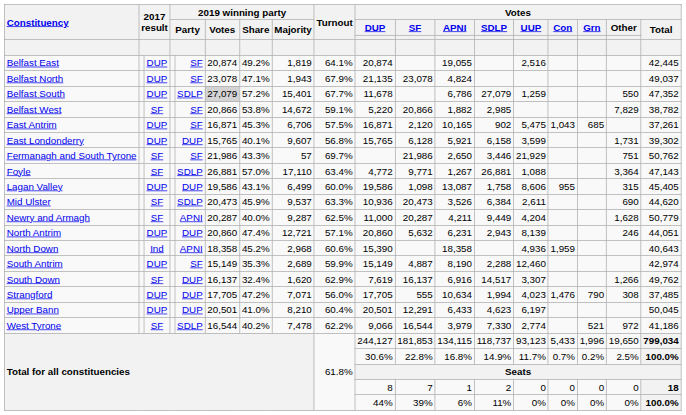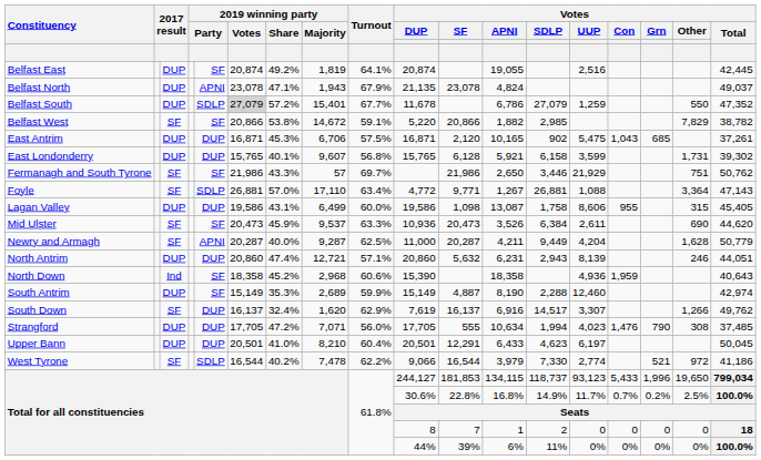 <table class="wikitable sortable sticky-header-multi" style="text-align:right; font-size:85%">
 <tr>
 <th rowspan="3" scope="col" style="text-align:left;"><a href='#'>Constituency</a></th>
 <th colspan="2" rowspan="3" scope="col">2017<br>result</th>
 <th colspan="5">2019 winning party</th>
 <th rowspan="3" scope="col">Turnout</th>
 <th colspan="9" scope="col">Votes</th>
 </tr>
 <tr>
 <th colspan="2" rowspan="2">Party</th>
 <th rowspan="2" scope="col">Votes</th>
 <th rowspan="2" scope="col">Share</th>
 <th rowspan="2" scope="col">Majority</th>
 <th scope="col"><a href='#'>DUP</a></th>
 <th scope="col"><a href='#'>SF</a></th>
 <th scope="col"><a href='#'>APNI</a></th>
 <th scope="col"><a href='#'>SDLP</a></th>
 <th scope="col"><a href='#'>UUP</a></th>
 <th scope="col"><a href='#'>Con</a></th>
 <th scope="col"><a href='#'>Grn</a></th>
 <th scope="col">Other</th>
 <th rowspan="2" scope="col">Total</th>
 </tr>
 <tr>
 <th scope="col" style="background:"></th>
 <th scope="col" style="background:"></th>
 <th scope="col" style="background:"></th>
 <th scope="col" style="background:"></th>
 <th scope="col" style="background:"></th>
 <th scope="col" style="background:"></th>
 <th scope="col" style="background:"></th>
 <th></th>
 </tr>
 <tr>
 <th><br></th>
 <th colspan="2"></th>
 <th colspan="2"></th>
 <th></th>
 <th></th>
 <th></th>
 <th></th>
 <th></th>
 <th></th>
 <th></th>
 <th></th>
 <th></th>
 <th></th>
 <th></th>
 <th></th>
 <th></th>
 </tr>
 <tr>
 <td style="text-align:left;"><a href='#'>Belfast East</a></td>
 <td style="background:"></td>
 <td style="text-align:center;"><a href='#'>DUP</a></td>
 <td style="background:"></td>
 <td><a href='#'>SF</a></td>
 <td>20,874</td>
 <td>49.2%</td>
 <td>1,819</td>
 <td>64.1%</td>
 <td>20,874</td>
 <td></td>
 <td>19,055</td>
 <td></td>
 <td>2,516</td>
 <td></td>
 <td></td>
 <td></td>
 <td>42,445</td>
 </tr>
 <tr>
 <td style="text-align:left;"><a href='#'>Belfast North</a></td>
 <td style="background:"></td>
 <td style="text-align:center;"><a href='#'>DUP</a></td>
 <td style="background:"></td>
-<td><a href='#'>SF</a></td>
+<td><a href='#'>APNI</a></td>
 <td>23,078</td>
 <td>47.1%</td>
 <td>1,943</td>
 <td>67.9%</td>
 <td>21,135</td>
 <td>23,078</td>
 <td>4,824</td>
 <td></td>
 <td></td>
 <td></td>
 <td></td>
 <td></td>
 <td>49,037</td>
 </tr>
 <tr>
 <td style="text-align:left;"><a href='#'>Belfast South</a></td>
 <td style="background:"></td>
 <td style="text-align:center;"><a href='#'>DUP</a></td>
 <td style="background:"></td>
 <td><a href='#'>SDLP</a></td>
 <td style="background: lightgrey;">27,079</td>
 <td>57.2%</td>
 <td>15,401</td>
 <td>67.7%</td>
 <td>11,678</td>
 <td></td>
 <td>6,786</td>
 <td>27,079</td>
 <td>1,259</td>
 <td></td>
 <td></td>
 <td>550</td>
 <td>47,352</td>
 </tr>
 <tr>
 <td style="text-align:left;"><a href='#'>Belfast West</a></td>
 <td style="background:"></td>
 <td style="text-align:center;"><a href='#'>SF</a></td>
 <td style="background:"></td>
 <td><a href='#'>SF</a></td>
 <td>20,866</td>
 <td>53.8%</td>
 <td>14,672</td>
 <td>59.1%</td>
 <td>5,220</td>
 <td>20,866</td>
 <td>1,882</td>
 <td>2,985</td>
 <td></td>
 <td></td>
 <td></td>
 <td>7,829</td>
 <td>38,782</td>
 </tr>
 <tr>
 <td style="text-align:left;"><a href='#'>East Antrim</a></td>
 <td style="background:"></td>
 <td style="text-align:center;"><a href='#'>DUP</a></td>
 <td style="background:"></td>
-<td><a href='#'>SF</a></td>
+<td><a href='#'>DUP</a></td>
 <td>16,871</td>
 <td>45.3%</td>
 <td>6,706</td>
 <td>57.5%</td>
 <td>16,871</td>
 <td>2,120</td>
 <td>10,165</td>
 <td>902</td>
 <td>5,475</td>
 <td>1,043</td>
 <td>685</td>
 <td></td>
 <td>37,261</td>
 </tr>
 <tr>
 <td style="text-align:left;"><a href='#'>East Londonderry</a></td>
 <td style="background:"></td>
 <td style="text-align:center;"><a href='#'>DUP</a></td>
 <td style="background:"></td>
 <td><a href='#'>DUP</a></td>
 <td>15,765</td>
 <td>40.1%</td>
 <td>9,607</td>
 <td>56.8%</td>
 <td>15,765</td>
 <td>6,128</td>
 <td>5,921</td>
 <td>6,158</td>
 <td>3,599</td>
 <td></td>
 <td></td>
 <td>1,731</td>
 <td>39,302</td>
 </tr>
 <tr>
 <td style="text-align:left;"><a href='#'>Fermanagh and South Tyrone</a></td>
 <td style="background:"></td>
 <td style="text-align:center;"><a href='#'>SF</a></td>
 <td style="background:"></td>
 <td><a href='#'>SF</a></td>
 <td>21,986</td>
 <td>43.3%</td>
 <td>57</td>
 <td>69.7%</td>
 <td></td>
 <td>21,986</td>
 <td>2,650</td>
 <td>3,446</td>
 <td>21,929</td>
 <td></td>
 <td></td>
 <td>751</td>
 <td>50,762</td>
 </tr>
 <tr>
 <td style="text-align:left;"><a href='#'>Foyle</a></td>
 <td style="background:"></td>
 <td style="text-align:center;"><a href='#'>SF</a></td>
 <td style="background:"></td>
 <td><a href='#'>SDLP</a></td>
 <td>26,881</td>
 <td>57.0%</td>
 <td>17,110</td>
 <td>63.4%</td>
 <td>4,772</td>
 <td>9,771</td>
 <td>1,267</td>
 <td>26,881</td>
 <td>1,088</td>
 <td></td>
 <td></td>
 <td>3,364</td>
 <td>47,143</td>
 </tr>
 <tr>
 <td style="text-align:left;"><a href='#'>Lagan Valley</a></td>
 <td style="background:"></td>
 <td style="text-align:center;"><a href='#'>DUP</a></td>
 <td style="background:"></td>
 <td><a href='#'>DUP</a></td>
 <td>19,586</td>
 <td>43.1%</td>
 <td>6,499</td>
 <td>60.0%</td>
 <td>19,586</td>
 <td>1,098</td>
 <td>13,087</td>
 <td>1,758</td>
 <td>8,606</td>
 <td>955</td>
 <td></td>
 <td>315</td>
 <td>45,405</td>
 </tr>
 <tr>
 <td style="text-align:left;"><a href='#'>Mid Ulster</a></td>
 <td style="background:"></td>
 <td style="text-align:center;"><a href='#'>SF</a></td>
 <td style="background:"></td>
-<td><a href='#'>SDLP</a></td>
+<td><a href='#'>SF</a></td>
 <td>20,473</td>
 <td>45.9%</td>
 <td>9,537</td>
 <td>63.3%</td>
 <td>10,936</td>
 <td>20,473</td>
 <td>3,526</td>
 <td>6,384</td>
 <td>2,611</td>
 <td></td>
 <td></td>
 <td>690</td>
 <td>44,620</td>
 </tr>
 <tr>
 <td style="text-align:left;"><a href='#'>Newry and Armagh</a></td>
 <td style="background:"></td>
 <td style="text-align:center;"><a href='#'>SF</a></td>
 <td style="background:"></td>
 <td><a href='#'>APNI</a></td>
 <td>20,287</td>
 <td>40.0%</td>
 <td>9,287</td>
 <td>62.5%</td>
 <td>11,000</td>
 <td>20,287</td>
 <td>4,211</td>
 <td>9,449</td>
 <td>4,204</td>
 <td></td>
 <td></td>
 <td>1,628</td>
 <td>50,779</td>
 </tr>
 <tr>
 <td style="text-align:left;"><a href='#'>North Antrim</a></td>
 <td style="background:"></td>
 <td style="text-align:center;"><a href='#'>DUP</a></td>
 <td style="background:"></td>
 <td><a href='#'>DUP</a></td>
 <td>20,860</td>
 <td>47.4%</td>
 <td>12,721</td>
 <td>57.1%</td>
 <td>20,860</td>
 <td>5,632</td>
 <td>6,231</td>
 <td>2,943</td>
 <td>8,139</td>
 <td></td>
 <td></td>
 <td>246</td>
 <td>44,051</td>
 </tr>
 <tr>
 <td style="text-align:left;"><a href='#'>North Down</a></td>
 <td style="background:"></td>
 <td style="text-align:center;"><a href='#'>Ind</a></td>
 <td style="background:"></td>
-<td><a href='#'>APNI</a></td>
+<td><a href='#'>SF</a></td>
 <td>18,358</td>
 <td>45.2%</td>
 <td>2,968</td>
 <td>60.6%</td>
 <td>15,390</td>
 <td></td>
 <td>18,358</td>
 <td></td>
 <td>4,936</td>
 <td>1,959</td>
 <td></td>
 <td></td>
 <td>40,643</td>
 </tr>
 <tr>
 <td style="text-align:left;"><a href='#'>South Antrim</a></td>
 <td style="background:"></td>
 <td style="text-align:center;"><a href='#'>DUP</a></td>
 <td style="background:"></td>
 <td><a href='#'>SF</a></td>
 <td>15,149</td>
 <td>35.3%</td>
 <td>2,689</td>
 <td>59.9%</td>
 <td>15,149</td>
 <td>4,887</td>
 <td>8,190</td>
 <td>2,288</td>
 <td>12,460</td>
 <td></td>
 <td></td>
 <td></td>
 <td>42,974</td>
 </tr>
 <tr>
 <td style="text-align:left;"><a href='#'>South Down</a></td>
 <td style="background:"></td>
 <td style="text-align:center;"><a href='#'>SF</a></td>
 <td style="background:"></td>
 <td><a href='#'>DUP</a></td>
 <td>16,137</td>
 <td>32.4%</td>
 <td>1,620</td>
 <td>62.9%</td>
 <td>7,619</td>
 <td>16,137</td>
 <td>6,916</td>
 <td>14,517</td>
 <td>3,307</td>
 <td></td>
 <td></td>
 <td>1,266</td>
 <td>49,762</td>
 </tr>
 <tr>
 <td style="text-align:left;"><a href='#'>Strangford</a></td>
 <td style="background:"></td>
 <td style="text-align:center;"><a href='#'>DUP</a></td>
 <td style="background:"></td>
 <td><a href='#'>DUP</a></td>
 <td>17,705</td>
 <td>47.2%</td>
 <td>7,071</td>
 <td>56.0%</td>
 <td>17,705</td>
 <td>555</td>
 <td>10,634</td>
 <td>1,994</td>
 <td>4,023</td>
 <td>1,476</td>
 <td>790</td>
 <td>308</td>
 <td>37,485</td>
 </tr>
 <tr>
 <td style="text-align:left;"><a href='#'>Upper Bann</a></td>
 <td style="background:"></td>
 <td style="text-align:center;"><a href='#'>DUP</a></td>
 <td style="background:"></td>
 <td><a href='#'>DUP</a></td>
 <td>20,501</td>
 <td>41.0%</td>
 <td>8,210</td>
 <td>60.4%</td>
 <td>20,501</td>
 <td>12,291</td>
 <td>6,433</td>
 <td>4,623</td>
 <td>6,197</td>
 <td></td>
 <td></td>
 <td></td>
 <td>50,045</td>
 </tr>
 <tr>
 <td style="text-align:left;"><a href='#'>West Tyrone</a></td>
 <td style="background:"></td>
 <td style="text-align:center;"><a href='#'>SF</a></td>
 <td style="background:"></td>
 <td><a href='#'>SDLP</a></td>
 <td>16,544</td>
 <td>40.2%</td>
 <td>7,478</td>
 <td>62.2%</td>
 <td>9,066</td>
 <td>16,544</td>
 <td>3,979</td>
 <td>7,330</td>
 <td>2,774</td>
 <td></td>
 <td>521</td>
 <td>972</td>
 <td>41,186</td>
 </tr>
 <tr class="sortbottom">
 <th colspan="8" rowspan="5" scope="col" style="text-align:left;">Total for all constituencies</th>
 <td rowspan="5" style="text-align:right;">61.8%</td>
 <td>244,127</td>
 <td>181,853</td>
 <td>134,115</td>
 <td>118,737</td>
 <td>93,123</td>
 <td>5,433</td>
 <td>1,996</td>
 <td>19,650</td>
 <th scope="col" style="text-align:right;">799,034</th>
 </tr>
 <tr class="sortbottom">
 <td>30.6%</td>
 <td>22.8%</td>
 <td>16.8%</td>
 <td>14.9%</td>
 <td>11.7%</td>
 <td>0.7%</td>
 <td>0.2%</td>
 <td>2.5%</td>
 <th scope="col" style="text-align:right;">100.0%</th>
 </tr>
 <tr class="sortbottom">
 <th colspan="9" scope="col">Seats</th>
 </tr>
 <tr class="sortbottom">
 <td>8</td>
 <td>7</td>
 <td>1</td>
 <td>2</td>
 <td>0</td>
 <td>0</td>
 <td>0</td>
 <td>0</td>
 <th scope="col" style="text-align:right;">18</th>
 </tr>
 <tr class="sortbottom">
 <td>44%</td>
 <td>39%</td>
 <td>6%</td>
 <td>11%</td>
 <td>0%</td>
 <td>0%</td>
 <td>0%</td>
 <td>0%</td>
 <th scope="col" style="text-align:right;">100.0%</th>
 </tr>
 </table>
